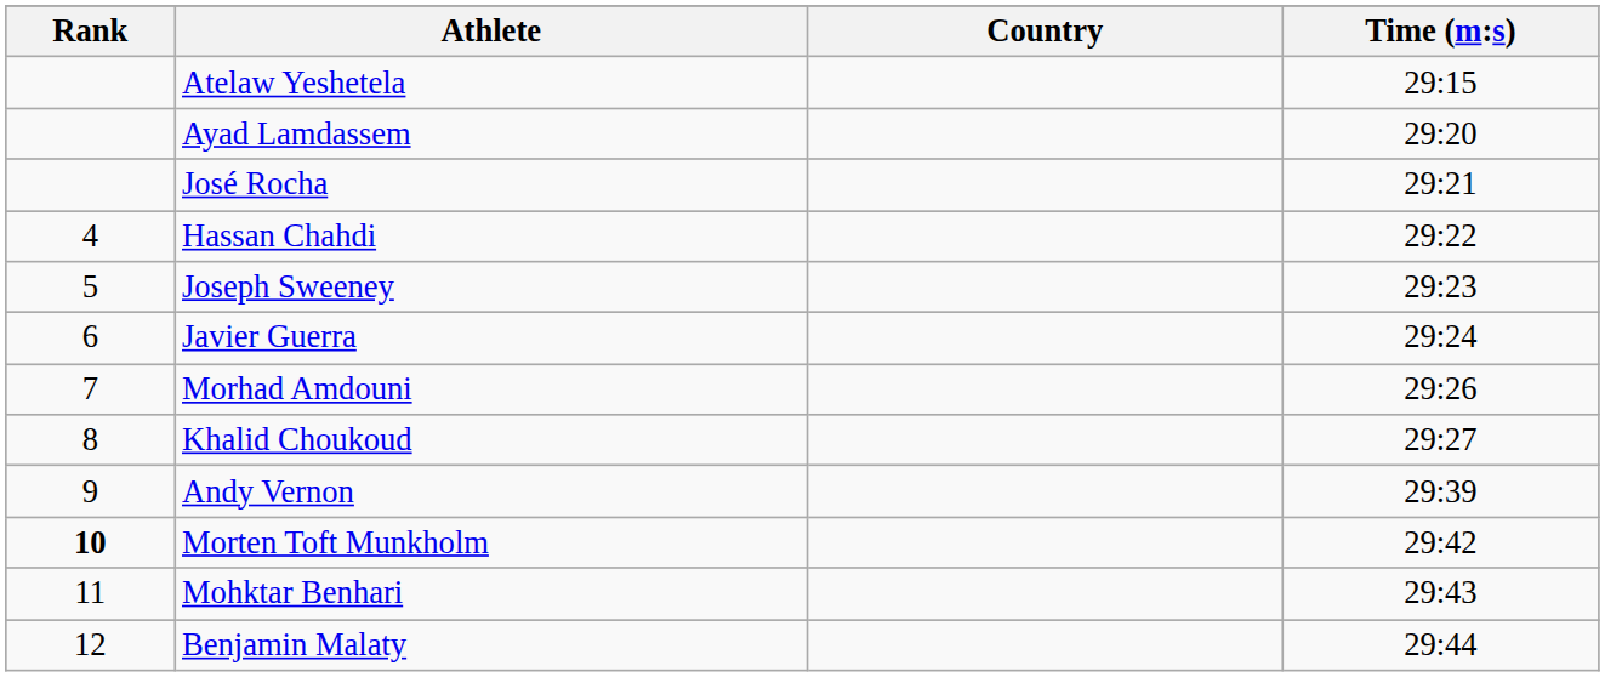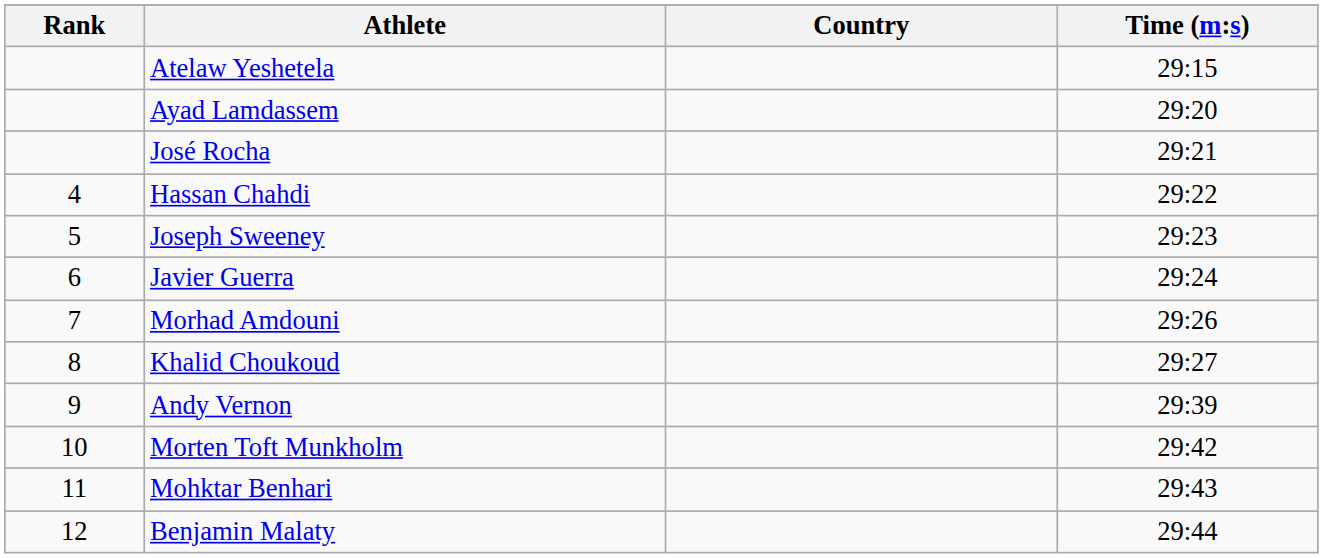 <table class="wikitable" width=50%>
 <tr>
 </tr>
 <tr>
 <th width=5%>Rank</th>
 <th width=20%>Athlete</th>
 <th width=15%>Country</th>
 <th width=10%>Time (<a href='#'>m</a>:<a href='#'>s</a>)</th>
 </tr>
 <tr align="center">
 <td></td>
 <td align="left"><a href='#'>Atelaw Yeshetela</a></td>
 <td align="left"></td>
 <td>29:15</td>
 </tr>
 <tr align="center">
 <td></td>
 <td align="left"><a href='#'>Ayad Lamdassem</a></td>
 <td align="left"></td>
 <td>29:20</td>
 </tr>
 <tr align="center">
 <td></td>
 <td align="left"><a href='#'>José Rocha</a></td>
 <td align="left"></td>
 <td>29:21</td>
 </tr>
 <tr align="center">
 <td>4</td>
 <td align="left"><a href='#'>Hassan Chahdi</a></td>
 <td align="left"></td>
 <td>29:22</td>
 </tr>
 <tr align="center">
 <td>5</td>
 <td align="left"><a href='#'>Joseph Sweeney</a></td>
 <td align="left"></td>
 <td>29:23</td>
 </tr>
 <tr align="center">
 <td>6</td>
 <td align="left"><a href='#'>Javier Guerra</a></td>
 <td align="left"></td>
 <td>29:24</td>
 </tr>
 <tr align="center">
 <td>7</td>
 <td align="left"><a href='#'>Morhad Amdouni</a></td>
 <td align="left"></td>
 <td>29:26</td>
 </tr>
 <tr align="center">
 <td>8</td>
 <td align="left"><a href='#'>Khalid Choukoud</a></td>
 <td align="left"></td>
 <td>29:27</td>
 </tr>
 <tr align="center">
 <td>9</td>
 <td align="left"><a href='#'>Andy Vernon</a></td>
 <td align="left"></td>
 <td>29:39</td>
 </tr>
 <tr align="center">
-<td><strong>10</strong></td>
+<td>10</td>
 <td align="left"><a href='#'>Morten Toft Munkholm</a></td>
 <td align="left"></td>
 <td>29:42</td>
 </tr>
 <tr align="center">
 <td>11</td>
 <td align="left"><a href='#'>Mohktar Benhari</a></td>
 <td align="left"></td>
 <td>29:43</td>
 </tr>
 <tr align="center">
 <td>12</td>
 <td align="left"><a href='#'>Benjamin Malaty</a></td>
 <td align="left"></td>
 <td>29:44</td>
 </tr>
 </table>
